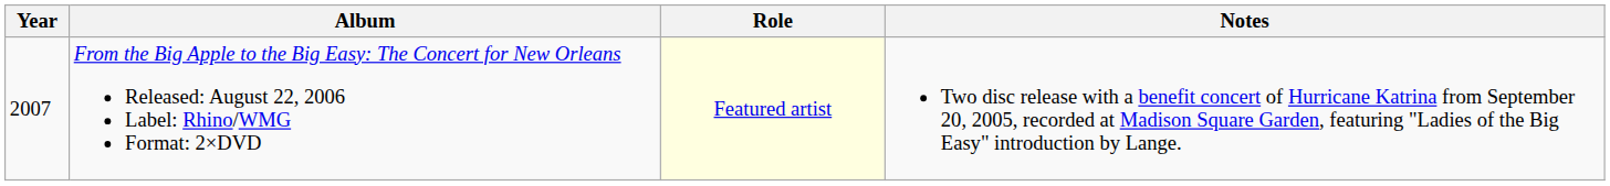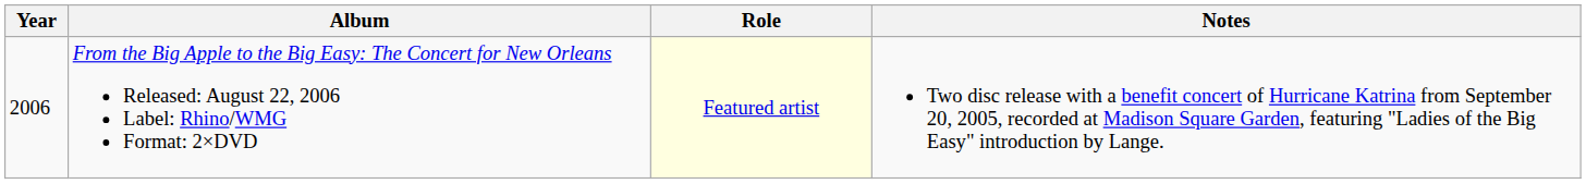 <table class="wikitable" style="text-align:left;">
 <tr>
 <th width=4%>Year</th>
 <th width=37%>Album</th>
 <th width=14%>Role</th>
 <th width=45%%>Notes</th>
 </tr>
 <tr>
-<td>2007</td>
+<td>2006</td>
 <td><em><a href='#'>From the Big Apple to the Big Easy: The Concert for New Orleans</a></em><br><ul><li>Released: August 22, 2006</li><li>Label: <a href='#'>Rhino</a>/<a href='#'>WMG</a></li><li>Format: 2×DVD</li></ul></td>
 <td align="center" style="background: lightyellow;"><a href='#'>Featured artist</a></td>
 <td><br><ul><li>Two disc release with a <a href='#'>benefit concert</a> of <a href='#'>Hurricane Katrina</a> from September 20, 2005, recorded at <a href='#'>Madison Square Garden</a>, featuring "Ladies of the Big Easy" introduction by Lange.</li></ul></td>
 </tr>
 </table>
